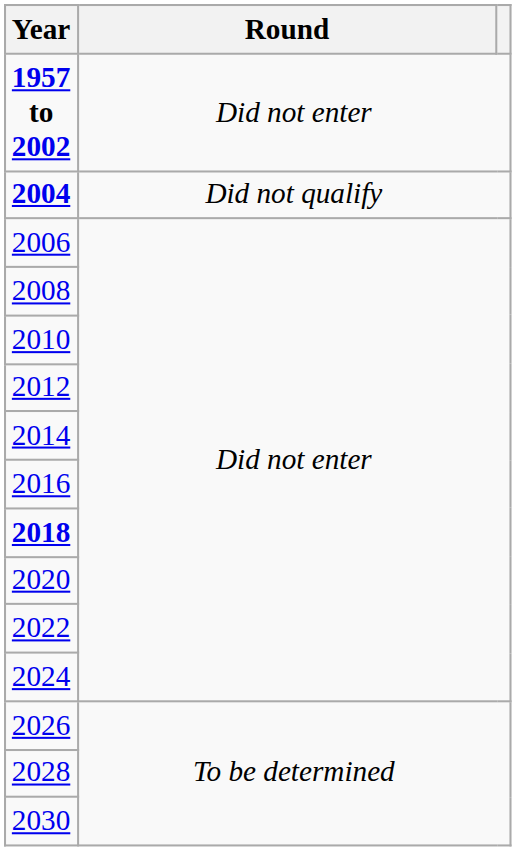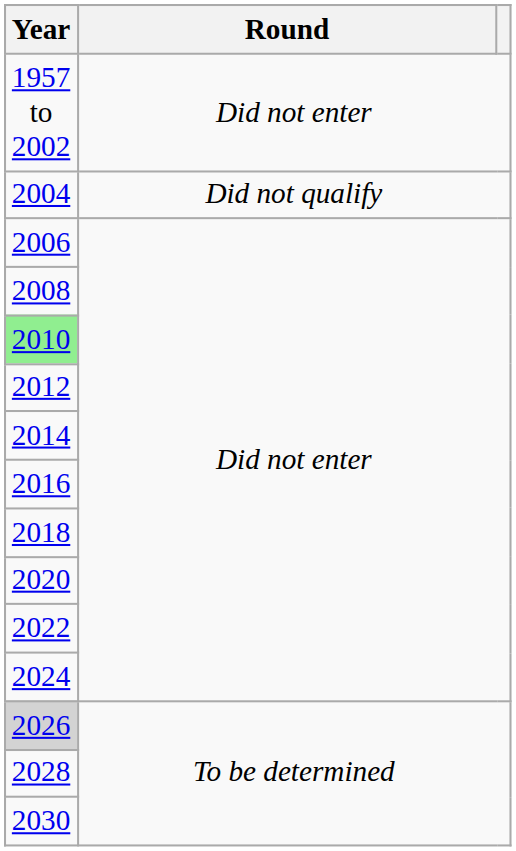 <table class="wikitable" style="text-align: center; font-size:90%">
 <tr>
 <th>Year</th>
 <th style="width:200px">Round</th>
 <th></th>
 </tr>
 <tr>
-<td><strong><a href='#'>1957</a><br>to<br><a href='#'>2002</a></strong></td>
+<td><a href='#'>1957</a><br>to<br><a href='#'>2002</a></td>
 <td colspan="2"><em>Did not enter</em></td>
 </tr>
 <tr>
-<td><strong><a href='#'>2004</a></strong></td>
+<td><a href='#'>2004</a></td>
 <td colspan="2"><em>Did not qualify</em></td>
 </tr>
 <tr>
 <td><a href='#'>2006</a></td>
 <td colspan="2" rowspan="10"><em>Did not enter</em></td>
 </tr>
 <tr>
 <td><a href='#'>2008</a></td>
 </tr>
 <tr>
-<td><a href='#'>2010</a></td>
+<td style="background: lightgreen;"><a href='#'>2010</a></td>
 </tr>
 <tr>
 <td><a href='#'>2012</a></td>
 </tr>
 <tr>
 <td><a href='#'>2014</a></td>
 </tr>
 <tr>
 <td><a href='#'>2016</a></td>
 </tr>
 <tr>
-<td><strong><a href='#'>2018</a></strong></td>
+<td><a href='#'>2018</a></td>
 </tr>
 <tr>
 <td><a href='#'>2020</a></td>
 </tr>
 <tr>
 <td><a href='#'>2022</a></td>
 </tr>
 <tr>
 <td><a href='#'>2024</a></td>
 </tr>
 <tr>
-<td><a href='#'>2026</a></td>
+<td style="background: lightgrey;"><a href='#'>2026</a></td>
 <td colspan="2" rowspan="3"><em>To be determined</em></td>
 </tr>
 <tr>
 <td><a href='#'>2028</a></td>
 </tr>
 <tr>
 <td><a href='#'>2030</a></td>
 </tr>
 </table>
